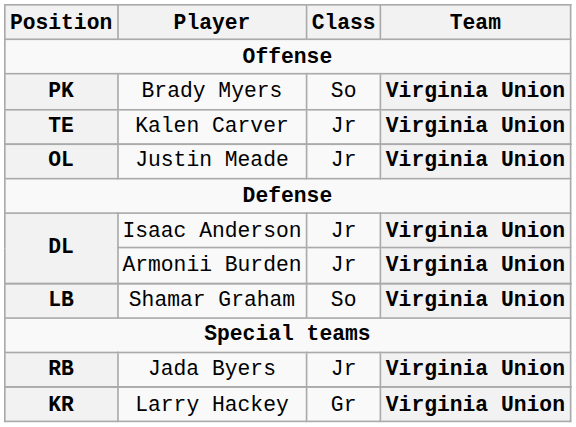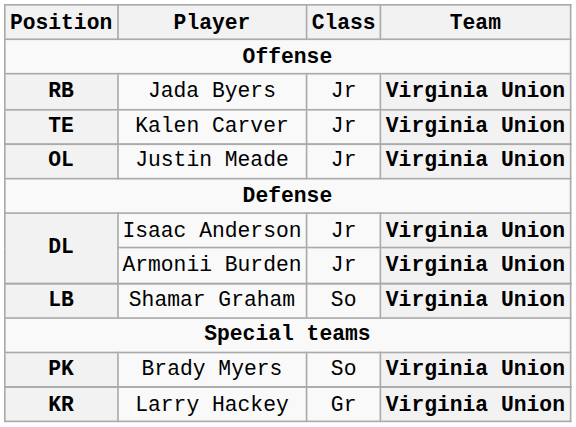 <table class="wikitable">
 <tr>
 <th>Position</th>
 <th>Player</th>
 <th>Class</th>
 <th>Team</th>
 </tr>
 <tr>
 <td colspan="4" style="text-align:center; "><strong>Offense</strong></td>
 </tr>
 <tr style="text-align:center;">
-<th rowspan="1">PK</th>
-<td>Brady Myers</td>
-<td>So</td>
+<th rowspan="1">RB</th>
+<td>Jada Byers</td>
+<td>Jr</td>
 <th style=>Virginia Union</th>
 </tr>
 <tr style="text-align:center;">
 <th rowspan="1">TE</th>
 <td>Kalen Carver</td>
 <td> Jr</td>
 <th style=>Virginia Union</th>
 </tr>
 <tr>
 </tr>
 <tr style="text-align:center;">
 <th rowspan="1">OL</th>
 <td>Justin Meade</td>
 <td>Jr</td>
 <th style=>Virginia Union</th>
 </tr>
 <tr>
 <td colspan="4" style="text-align:center; "><strong>Defense</strong></td>
 </tr>
 <tr style="text-align:center;">
 <th rowspan="2">DL</th>
 <td>Isaac Anderson</td>
 <td> Jr</td>
 <th style=>Virginia Union</th>
 </tr>
 <tr style="text-align:center;">
 <td>Armonii Burden</td>
 <td>Jr</td>
 <th style=>Virginia Union</th>
 </tr>
 <tr>
 </tr>
 <tr style="text-align:center;">
 <th rowspan="1">LB</th>
 <td>Shamar Graham</td>
 <td> So</td>
 <th style=>Virginia Union</th>
 </tr>
 <tr>
 <td colspan="4" style="text-align:center; "><strong>Special teams</strong></td>
 </tr>
 <tr style="text-align:center;">
-<th rowspan="1">RB</th>
-<td>Jada Byers</td>
-<td>Jr</td>
+<th rowspan="1">PK</th>
+<td>Brady Myers</td>
+<td>So</td>
 <th style=>Virginia Union</th>
 </tr>
 <tr>
 </tr>
 <tr style="text-align:center;">
 <th rowspan="1">KR</th>
 <td>Larry Hackey</td>
 <td>Gr</td>
 <th style=>Virginia Union</th>
 </tr>
 </table>
